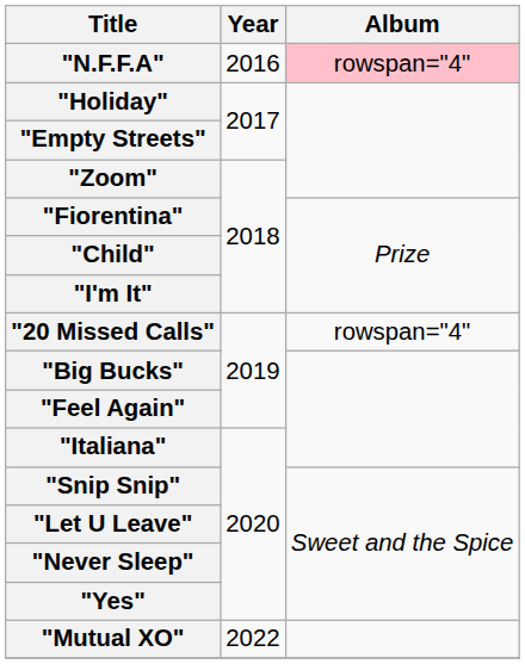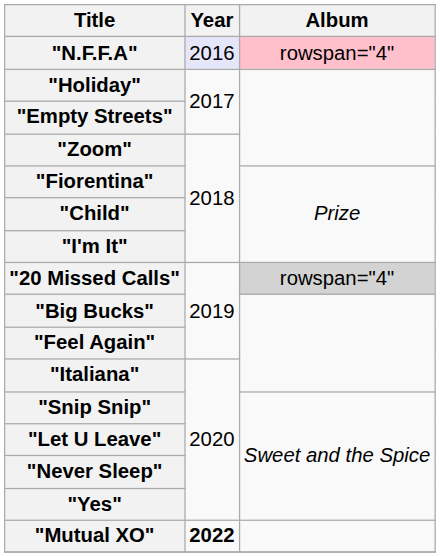 <table class="wikitable plainrowheaders" style="text-align:center;">
 <tr>
 <th>Title</th>
 <th>Year</th>
 <th>Album</th>
 </tr>
 <tr>
 <th scope="row">"N.F.F.A"</th>
-<td>2016</td>
+<td style="background: lavender;">2016</td>
 <td style="background: pink;">rowspan="4" </td>
 </tr>
 <tr>
 <th scope="row">"Holiday"</th>
 <td rowspan="2">2017</td>
 </tr>
 <tr>
 <th scope="row">"Empty Streets"<br></th>
 </tr>
 <tr>
 <th scope="row">"Zoom"</th>
 <td rowspan="4">2018</td>
 </tr>
 <tr>
 <th scope="row">"Fiorentina"<br></th>
 <td rowspan="3"><em>Prize</em></td>
 </tr>
 <tr>
 <th scope="row">"Child"</th>
 </tr>
 <tr>
 <th scope="row">"I'm It"</th>
 </tr>
 <tr>
 <th scope="row">"20 Missed Calls"</th>
 <td rowspan="3">2019</td>
-<td>rowspan="4" </td>
+<td style="background: lightgrey;">rowspan="4" </td>
 </tr>
 <tr>
 <th scope="row">"Big Bucks"</th>
 </tr>
 <tr>
 <th scope="row">"Feel Again"</th>
 </tr>
 <tr>
 <th scope="row">"Italiana"<br></th>
 <td rowspan="5">2020</td>
 </tr>
 <tr>
 <th scope="row">"Snip Snip"<br></th>
 <td rowspan="4"><em>Sweet and the Spice</em></td>
 </tr>
 <tr>
 <th scope="row">"Let U Leave"</th>
 </tr>
 <tr>
 <th scope="row">"Never Sleep"</th>
 </tr>
 <tr>
 <th scope="row">"Yes"</th>
 </tr>
 <tr>
 <th scope="row">"Mutual XO"</th>
-<td rowspan="1">2022</td>
+<td rowspan="1"><strong>2022</strong></td>
 <td></td>
 </tr>
 <tr>
 </tr>
 </table>
